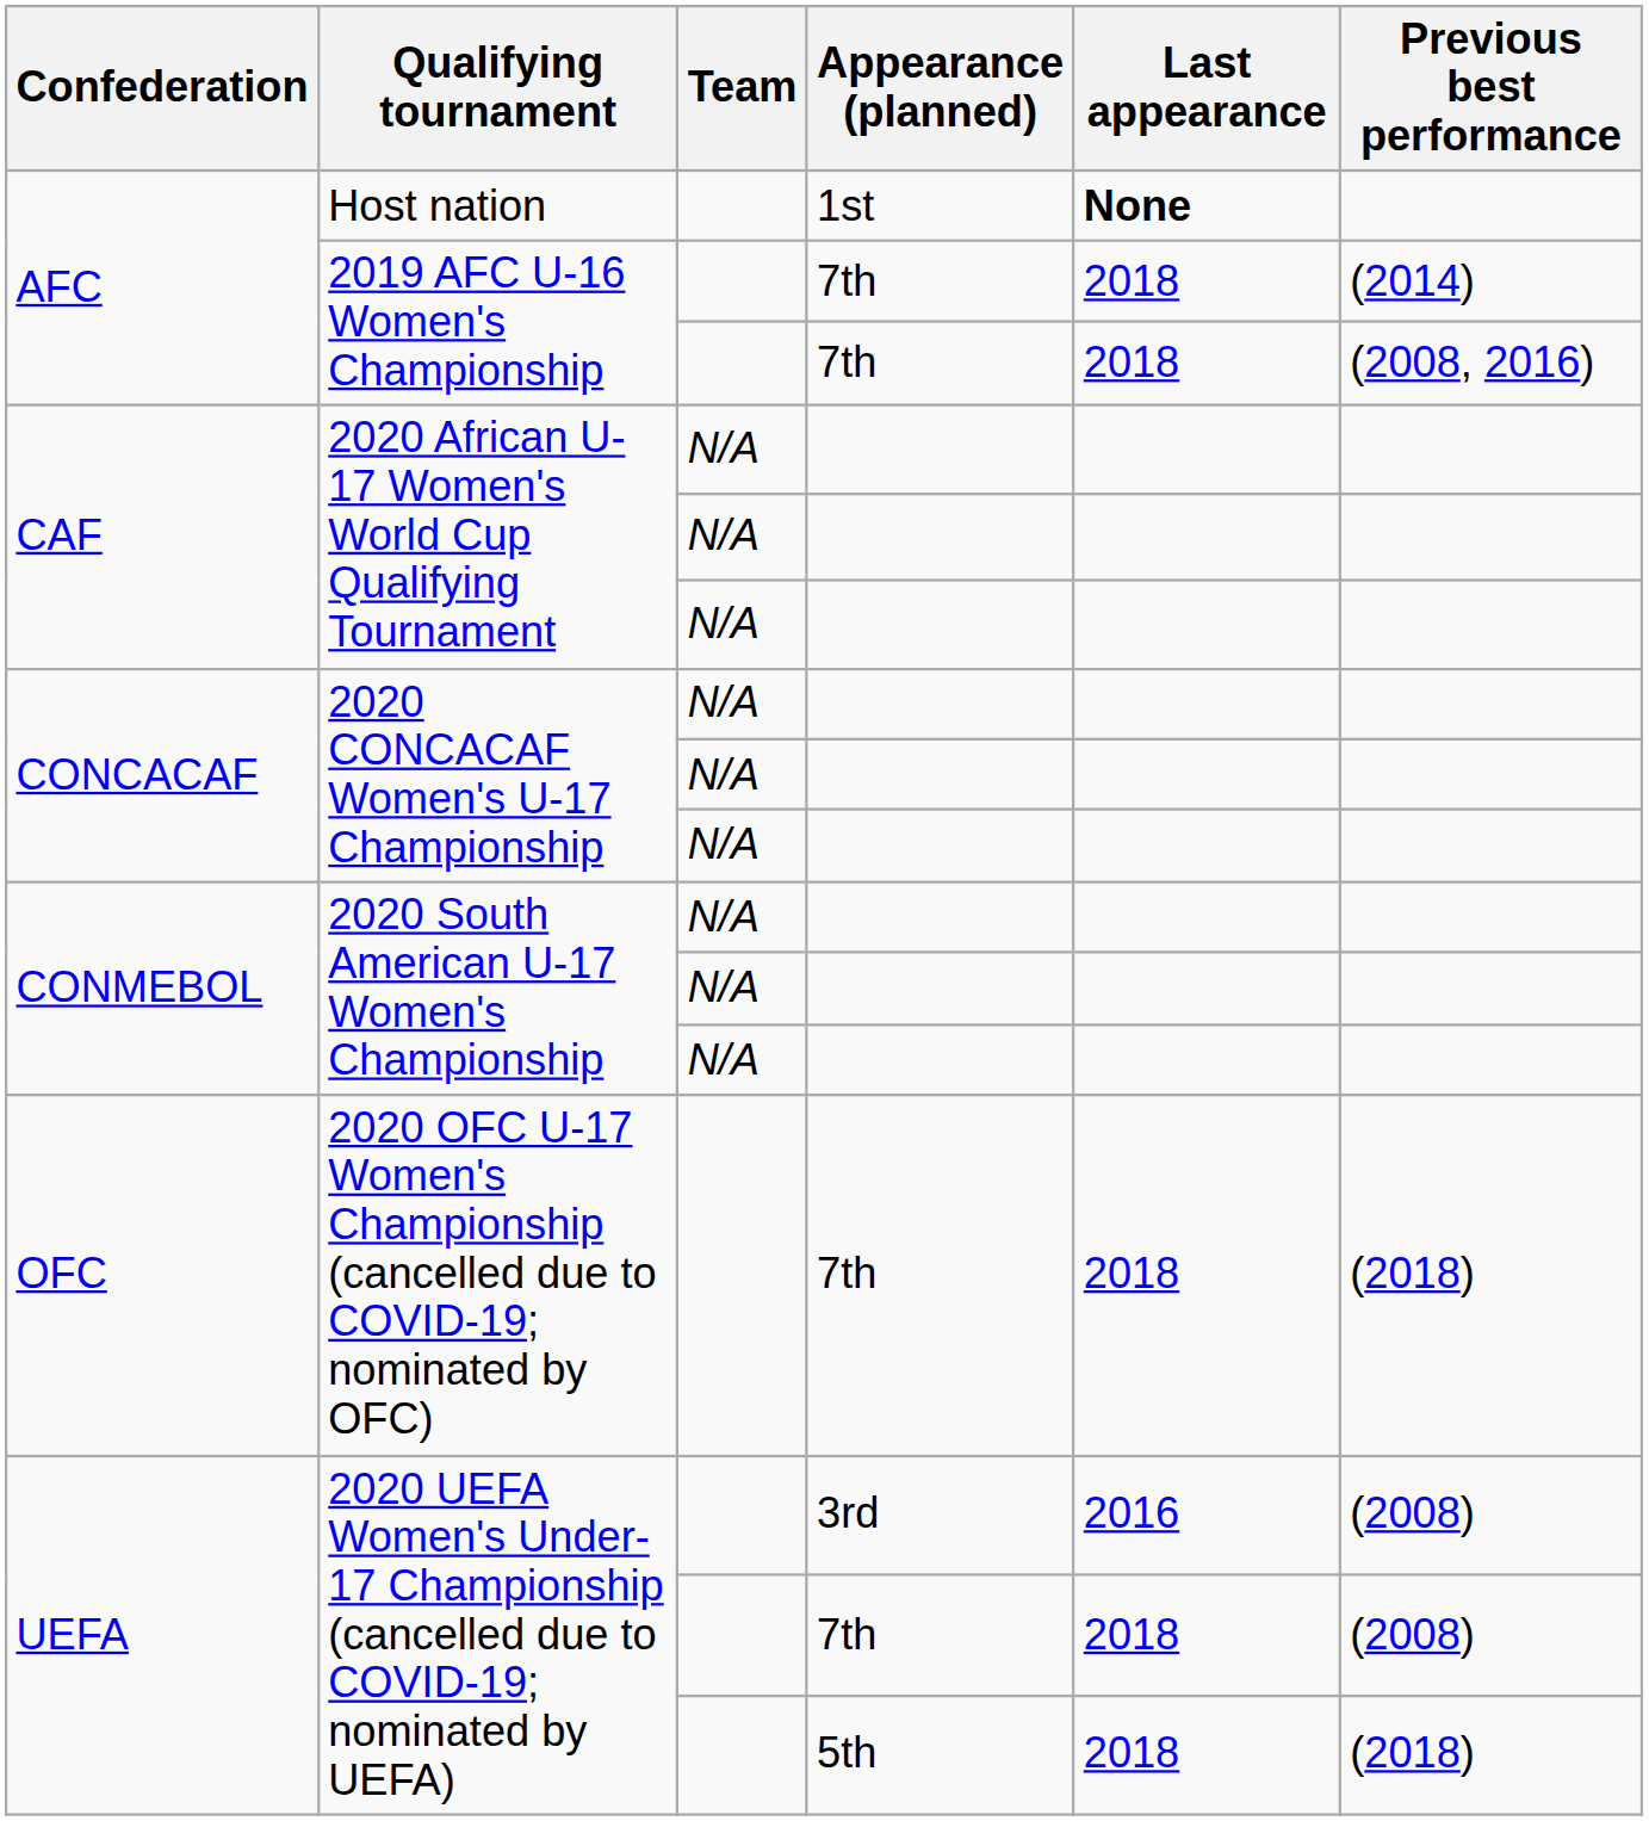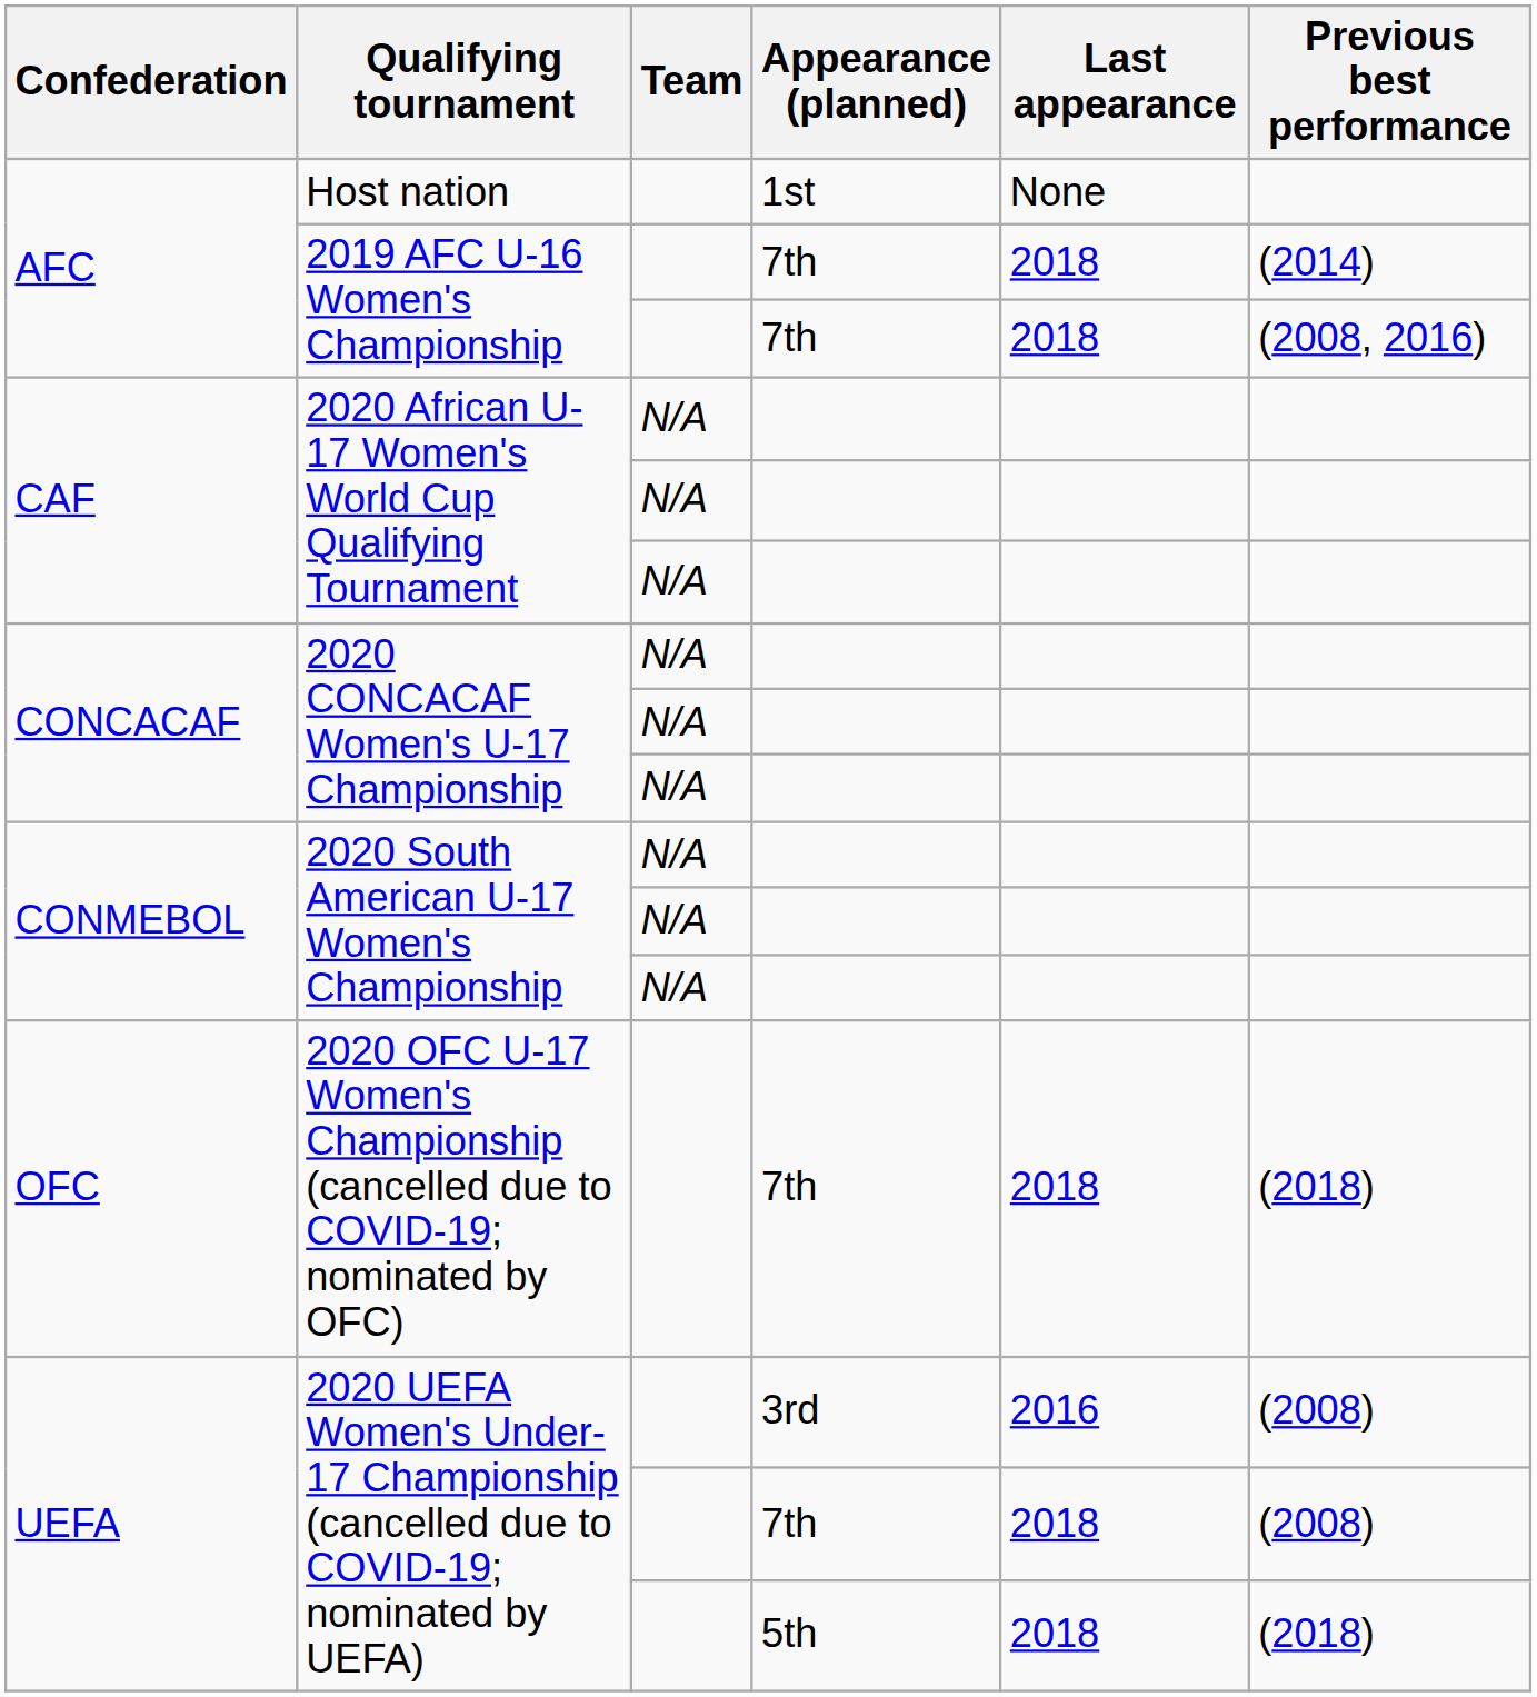 <table class="wikitable sortable">
 <tr>
 <th>Confederation</th>
 <th>Qualifying tournament</th>
 <th>Team</th>
 <th data-sort-type="number">Appearance<br>(planned)</th>
 <th>Last appearance</th>
 <th>Previous best performance</th>
 </tr>
 <tr>
 <td rowspan=3><a href='#'>AFC </a><br></td>
 <td>Host nation</td>
 <td></td>
 <td>1st</td>
-<td><strong>None</strong></td>
+<td>None</td>
 <td></td>
 </tr>
 <tr>
 <td rowspan=2><a href='#'>2019 AFC U-16 Women's Championship</a></td>
 <td></td>
 <td>7th</td>
 <td><a href='#'>2018</a></td>
 <td> (<a href='#'>2014</a>)</td>
 </tr>
 <tr>
 <td></td>
 <td>7th</td>
 <td><a href='#'>2018</a></td>
 <td> (<a href='#'>2008</a>, <a href='#'>2016</a>)</td>
 </tr>
 <tr>
 <td rowspan=3><a href='#'>CAF </a><br></td>
 <td rowspan=3><a href='#'>2020 African U-17 Women's World Cup Qualifying Tournament</a></td>
 <td><em>N/A</em></td>
 <td></td>
 <td></td>
 <td></td>
 </tr>
 <tr>
 <td><em>N/A</em></td>
 <td></td>
 <td></td>
 <td></td>
 </tr>
 <tr>
 <td><em>N/A</em></td>
 <td></td>
 <td></td>
 <td></td>
 </tr>
 <tr>
 <td rowspan=3><a href='#'>CONCACAF </a><br></td>
 <td rowspan=3><a href='#'>2020 CONCACAF Women's U-17 Championship</a></td>
 <td><em>N/A</em></td>
 <td></td>
 <td></td>
 <td></td>
 </tr>
 <tr>
 <td><em>N/A</em></td>
 <td></td>
 <td></td>
 <td></td>
 </tr>
 <tr>
 <td><em>N/A</em></td>
 <td></td>
 <td></td>
 <td></td>
 </tr>
 <tr>
 <td rowspan=3><a href='#'>CONMEBOL </a><br></td>
 <td rowspan=3><a href='#'>2020 South American U-17 Women's Championship</a></td>
 <td><em>N/A</em></td>
 <td></td>
 <td></td>
 <td></td>
 </tr>
 <tr>
 <td><em>N/A</em></td>
 <td></td>
 <td></td>
 <td></td>
 </tr>
 <tr>
 <td><em>N/A</em></td>
 <td></td>
 <td></td>
 <td></td>
 </tr>
 <tr>
 <td><a href='#'>OFC </a><br></td>
 <td><a href='#'>2020 OFC U-17 Women's Championship</a><br>(cancelled due to <a href='#'>COVID-19</a>; nominated by OFC)</td>
 <td></td>
 <td>7th</td>
 <td><a href='#'>2018</a></td>
 <td> (<a href='#'>2018</a>)</td>
 </tr>
 <tr>
 <td rowspan=3><a href='#'>UEFA </a><br></td>
 <td rowspan=3><a href='#'>2020 UEFA Women's Under-17 Championship</a><br>(cancelled due to <a href='#'>COVID-19</a>; nominated by UEFA)</td>
 <td></td>
 <td>3rd</td>
 <td><a href='#'>2016</a></td>
 <td> (<a href='#'>2008</a>)</td>
 </tr>
 <tr>
 <td></td>
 <td>7th</td>
 <td><a href='#'>2018</a></td>
 <td> (<a href='#'>2008</a>)</td>
 </tr>
 <tr>
 <td></td>
 <td>5th</td>
 <td><a href='#'>2018</a></td>
 <td> (<a href='#'>2018</a>)</td>
 </tr>
 </table>
